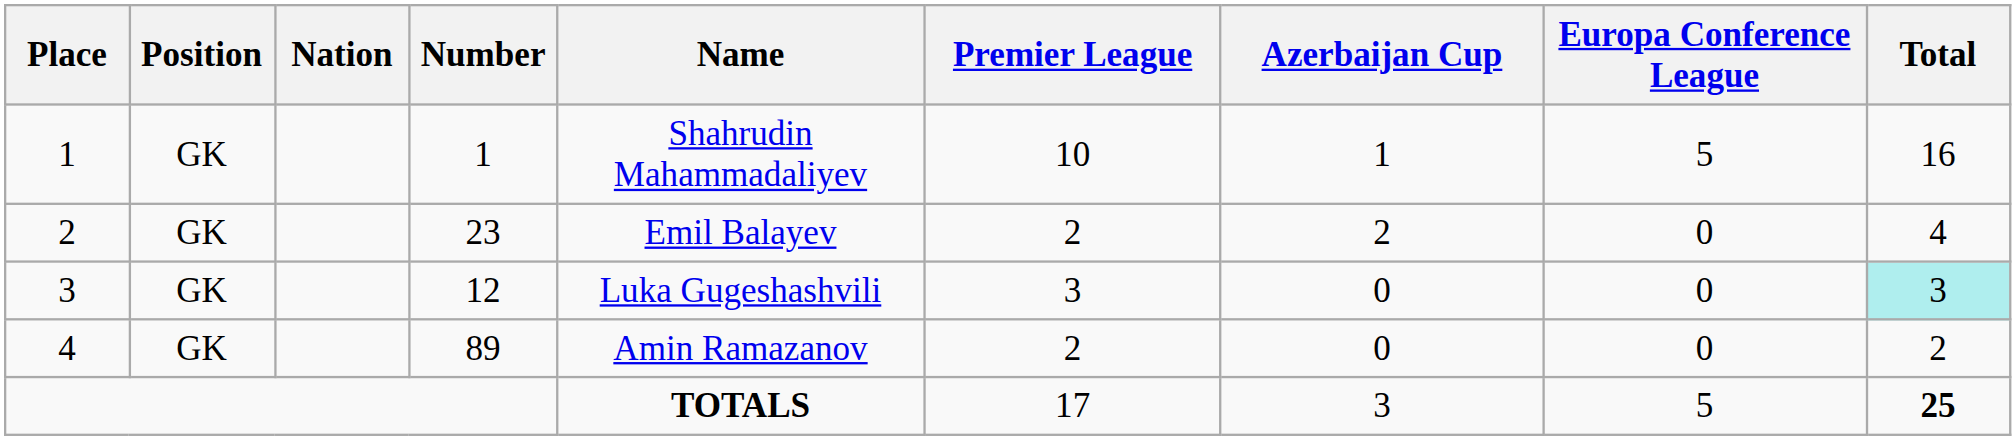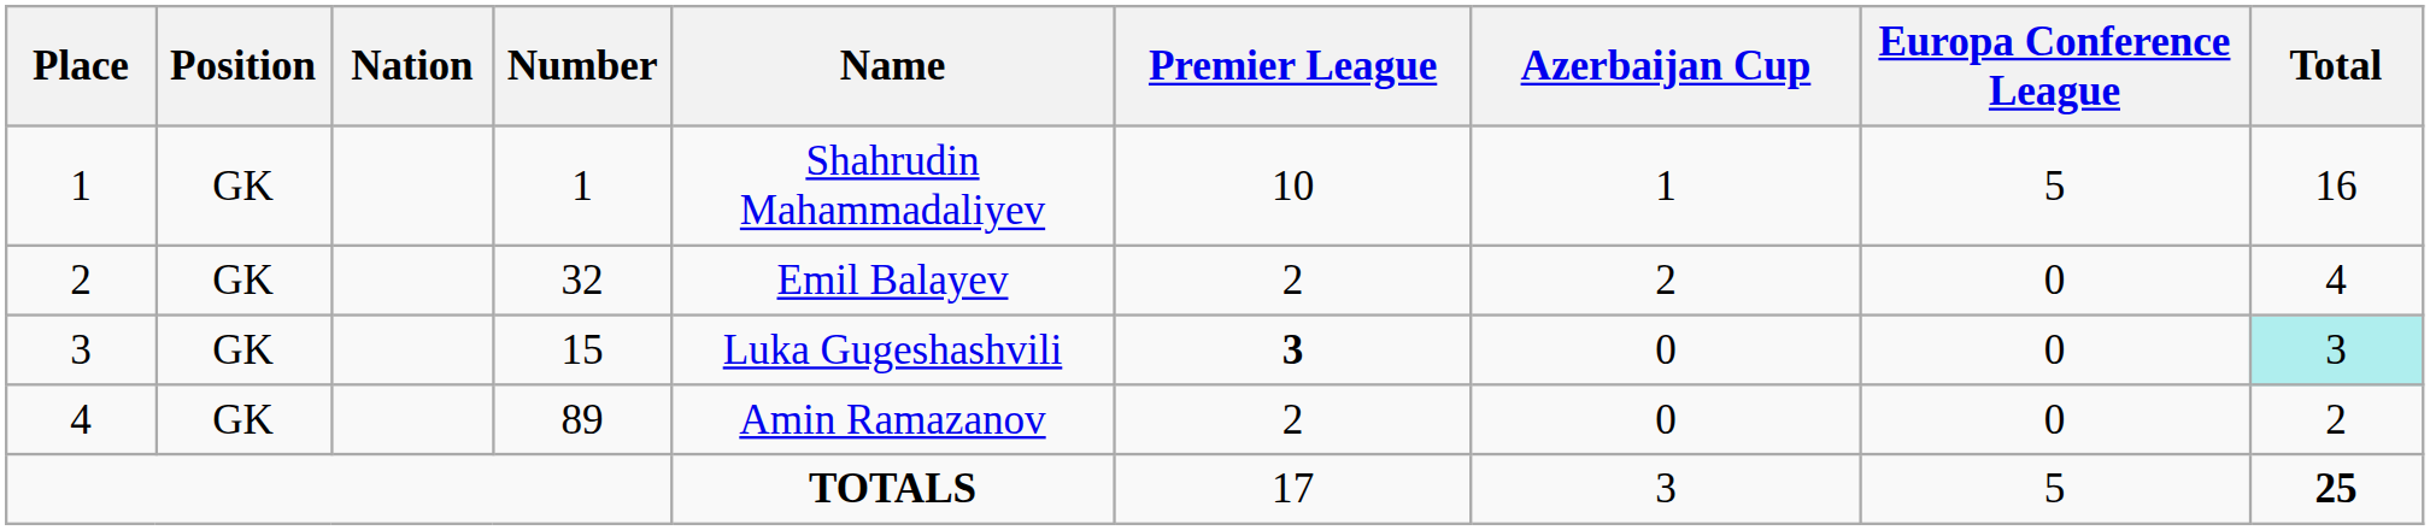 <table class="wikitable" style="font-size: 95%; text-align: center;">
 <tr>
 <th width=60>Place</th>
 <th width=60>Position</th>
 <th width=60>Nation</th>
 <th width=60>Number</th>
 <th width=200>Name</th>
 <th width=200><a href='#'>Premier League</a></th>
 <th width=200><a href='#'>Azerbaijan Cup</a></th>
 <th width=200><a href='#'>Europa Conference League</a></th>
 <th width=80><strong>Total</strong></th>
 </tr>
 <tr>
 <td>1</td>
 <td>GK</td>
 <td></td>
 <td>1</td>
 <td><a href='#'>Shahrudin Mahammadaliyev</a></td>
 <td>10</td>
 <td>1</td>
 <td>5</td>
 <td>16</td>
 </tr>
 <tr>
 <td>2</td>
 <td>GK</td>
 <td></td>
-<td>23</td>
+<td>32</td>
 <td><a href='#'>Emil Balayev</a></td>
 <td>2</td>
 <td>2</td>
 <td>0</td>
 <td>4</td>
 </tr>
 <tr>
 <td>3</td>
 <td>GK</td>
 <td></td>
-<td>12</td>
+<td>15</td>
 <td><a href='#'>Luka Gugeshashvili</a></td>
-<td>3</td>
+<td><strong>3</strong></td>
 <td>0</td>
 <td>0</td>
 <td style="background: paleturquoise;">3</td>
 </tr>
 <tr>
 <td>4</td>
 <td>GK</td>
 <td></td>
 <td>89</td>
 <td><a href='#'>Amin Ramazanov</a></td>
 <td>2</td>
 <td>0</td>
 <td>0</td>
 <td>2</td>
 </tr>
 <tr>
 <td colspan="4"></td>
 <td><strong>TOTALS</strong></td>
 <td>17</td>
 <td>3</td>
 <td>5</td>
 <td><strong>25</strong></td>
 </tr>
 </table>
